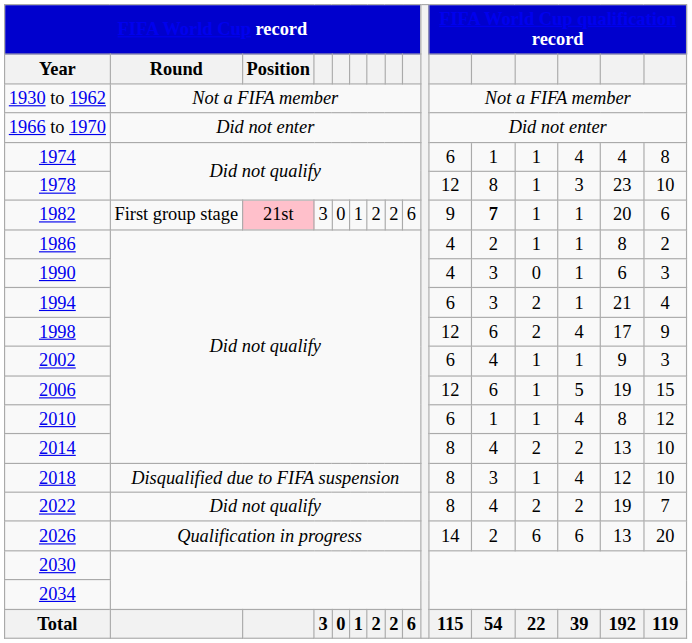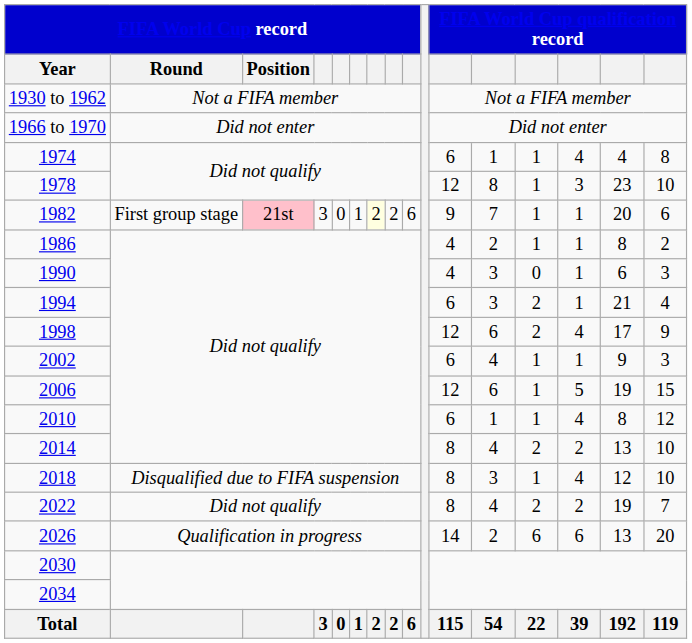 <table class="wikitable" style="text-align: center;font-size:100%">
 <tr>
 <th colspan=9 style="background: #0000CD; color: #FFFFFF;"><a href='#'>FIFA World Cup</a> record</th>
 <th rowspan="39"></th>
 <th colspan=10 style="background: #0000CD; color: #FFFFFF;"><a href='#'>FIFA World Cup qualification</a> record</th>
 </tr>
 <tr>
 <th>Year</th>
 <th>Round</th>
 <th>Position</th>
 <th></th>
 <th></th>
 <th></th>
 <th></th>
 <th></th>
 <th></th>
 <th width=30></th>
 <th width=30></th>
 <th width=30></th>
 <th width=30></th>
 <th width=30></th>
 <th width=30></th>
 </tr>
 <tr>
 <td><a href='#'>1930</a> to <a href='#'>1962</a></td>
 <td colspan=8><em>Not a FIFA member</em></td>
 <td colspan=6><em>Not a FIFA member</em></td>
 </tr>
 <tr>
 <td><a href='#'>1966</a> to <a href='#'>1970</a></td>
 <td colspan=8><em>Did not enter</em></td>
 <td colspan=6><em>Did not enter</em></td>
 </tr>
 <tr>
 <td> <a href='#'>1974</a></td>
 <td colspan=8 rowspan=2><em>Did not qualify</em></td>
 <td>6</td>
 <td>1</td>
 <td>1</td>
 <td>4</td>
 <td>4</td>
 <td>8</td>
 </tr>
 <tr>
 <td> <a href='#'>1978</a></td>
 <td>12</td>
 <td>8</td>
 <td>1</td>
 <td>3</td>
 <td>23</td>
 <td>10</td>
 </tr>
 <tr>
 <td> <a href='#'>1982</a></td>
 <td>First group stage</td>
 <td style="background: pink;">21st</td>
 <td>3</td>
 <td>0</td>
 <td>1</td>
-<td>2</td>
+<td style="background: lightyellow;">2</td>
 <td>2</td>
 <td>6</td>
 <td>9</td>
-<td><strong>7</strong></td>
+<td>7</td>
 <td>1</td>
 <td>1</td>
 <td>20</td>
 <td>6</td>
 </tr>
 <tr>
 <td> <a href='#'>1986</a></td>
 <td colspan=8 rowspan=8><em>Did not qualify</em></td>
 <td>4</td>
 <td>2</td>
 <td>1</td>
 <td>1</td>
 <td>8</td>
 <td>2</td>
 </tr>
 <tr>
 <td> <a href='#'>1990</a></td>
 <td>4</td>
 <td>3</td>
 <td>0</td>
 <td>1</td>
 <td>6</td>
 <td>3</td>
 </tr>
 <tr>
 <td> <a href='#'>1994</a></td>
 <td>6</td>
 <td>3</td>
 <td>2</td>
 <td>1</td>
 <td>21</td>
 <td>4</td>
 </tr>
 <tr>
 <td> <a href='#'>1998</a></td>
 <td>12</td>
 <td>6</td>
 <td>2</td>
 <td>4</td>
 <td>17</td>
 <td>9</td>
 </tr>
 <tr>
 <td>  <a href='#'>2002</a></td>
 <td>6</td>
 <td>4</td>
 <td>1</td>
 <td>1</td>
 <td>9</td>
 <td>3</td>
 </tr>
 <tr>
 <td> <a href='#'>2006</a></td>
 <td>12</td>
 <td>6</td>
 <td>1</td>
 <td>5</td>
 <td>19</td>
 <td>15</td>
 </tr>
 <tr>
 <td> <a href='#'>2010</a></td>
 <td>6</td>
 <td>1</td>
 <td>1</td>
 <td>4</td>
 <td>8</td>
 <td>12</td>
 </tr>
 <tr>
 <td> <a href='#'>2014</a></td>
 <td>8</td>
 <td>4</td>
 <td>2</td>
 <td>2</td>
 <td>13</td>
 <td>10</td>
 </tr>
 <tr>
 <td> <a href='#'>2018</a></td>
 <td colspan=8><em>Disqualified due to FIFA suspension</em> </td>
 <td>8</td>
 <td>3</td>
 <td>1</td>
 <td>4</td>
 <td>12</td>
 <td>10</td>
 </tr>
 <tr>
 <td> <a href='#'>2022</a></td>
 <td colspan=8><em>Did not qualify</em></td>
 <td>8</td>
 <td>4</td>
 <td>2</td>
 <td>2</td>
 <td>19</td>
 <td>7</td>
 </tr>
 <tr>
 <td>   <a href='#'>2026</a></td>
 <td rowspan=1 colspan=9><em>Qualification in progress</em></td>
 <td>14</td>
 <td>2</td>
 <td>6</td>
 <td>6</td>
 <td>13</td>
 <td>20</td>
 </tr>
 <tr>
 <td>   <a href='#'>2030</a></td>
 <td rowspan=2 colspan=9><em></em></td>
 <td rowspan=2 colspan=9><em></em></td>
 </tr>
 <tr>
 <td> <a href='#'>2034</a></td>
 </tr>
 <tr>
 <th>Total</th>
 <th></th>
 <th></th>
 <th>3</th>
 <th>0</th>
 <th>1</th>
 <th>2</th>
 <th>2</th>
 <th>6</th>
 <th>115</th>
 <th>54</th>
 <th>22</th>
 <th>39</th>
 <th>192</th>
 <th>119</th>
 </tr>
 </table>
